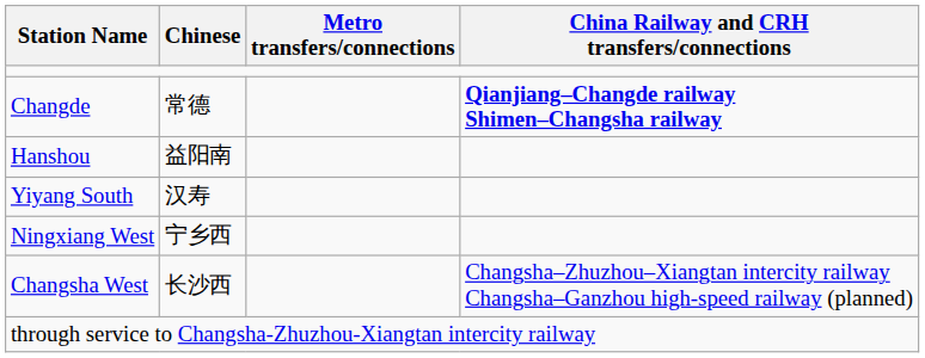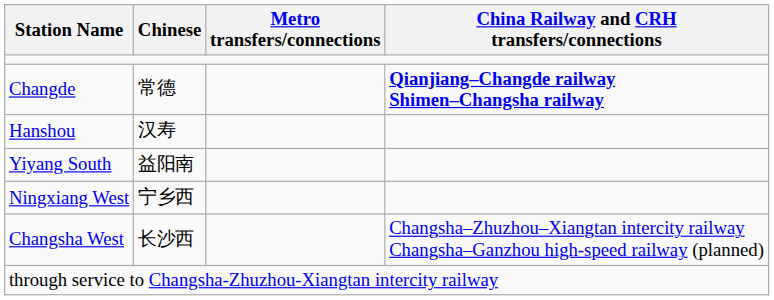 <table class="wikitable">
 <tr>
 <th>Station Name</th>
 <th>Chinese<br></th>
 <th><a href='#'>Metro</a><br>transfers/connections</th>
 <th><a href='#'>China Railway</a> and <a href='#'>CRH</a><br>transfers/connections<br></th>
 </tr>
 <tr style="background:#">
 <td colspan = "11"></td>
 </tr>
 <tr>
 <td><a href='#'>Changde</a></td>
 <td>常德</td>
 <td></td>
 <td><strong><a href='#'>Qianjiang–Changde railway</a><br><a href='#'>Shimen–Changsha railway</a></strong></td>
 </tr>
 <tr>
 <td><a href='#'>Hanshou</a></td>
-<td>益阳南</td>
+<td>汉寿</td>
 <td></td>
 <td></td>
 </tr>
 <tr>
 <td><a href='#'>Yiyang South</a></td>
-<td>汉寿</td>
+<td>益阳南</td>
 <td></td>
 <td></td>
 </tr>
 <tr>
 <td><a href='#'>Ningxiang West</a></td>
 <td>宁乡西</td>
 <td></td>
 <td></td>
 </tr>
 <tr>
 <td><a href='#'>Changsha West</a></td>
 <td>长沙西</td>
 <td></td>
 <td><a href='#'>Changsha–Zhuzhou–Xiangtan intercity railway</a><br><a href='#'>Changsha–Ganzhou high-speed railway</a> (planned)</td>
 </tr>
 <tr>
 <td colspan="5">through service to <a href='#'>Changsha-Zhuzhou-Xiangtan intercity railway</a></td>
 </tr>
 </table>
